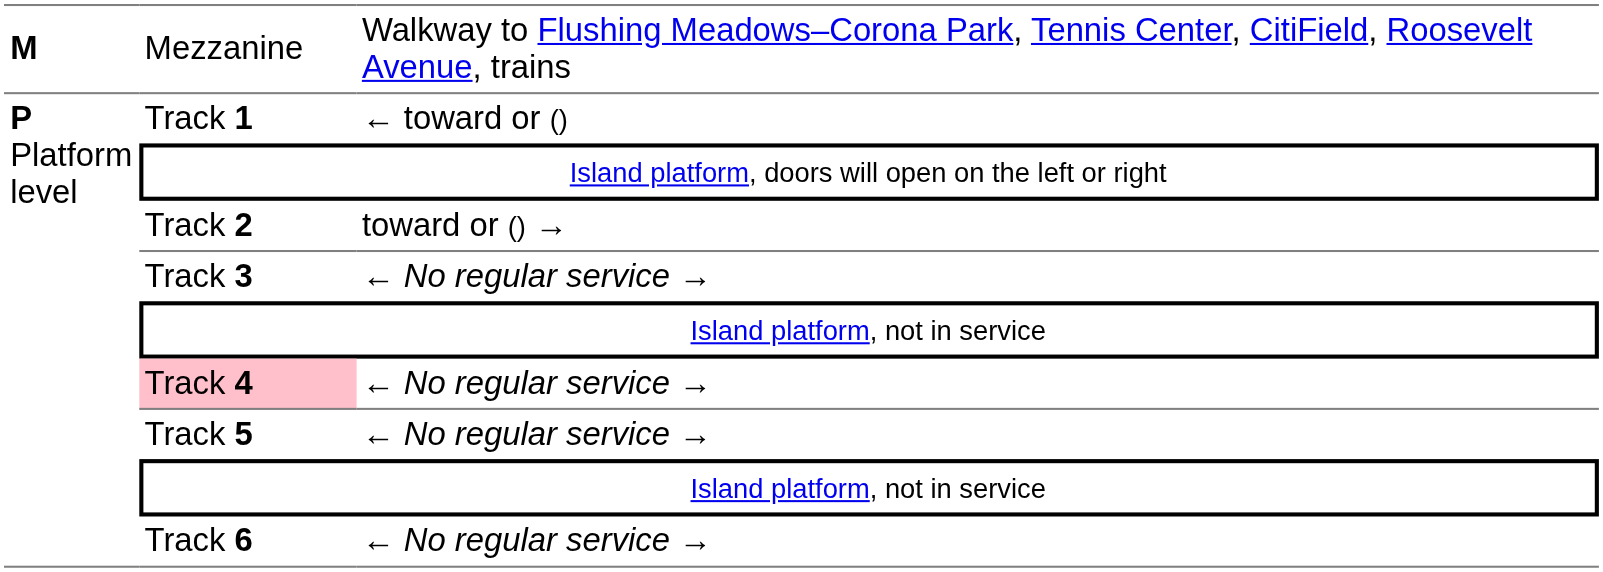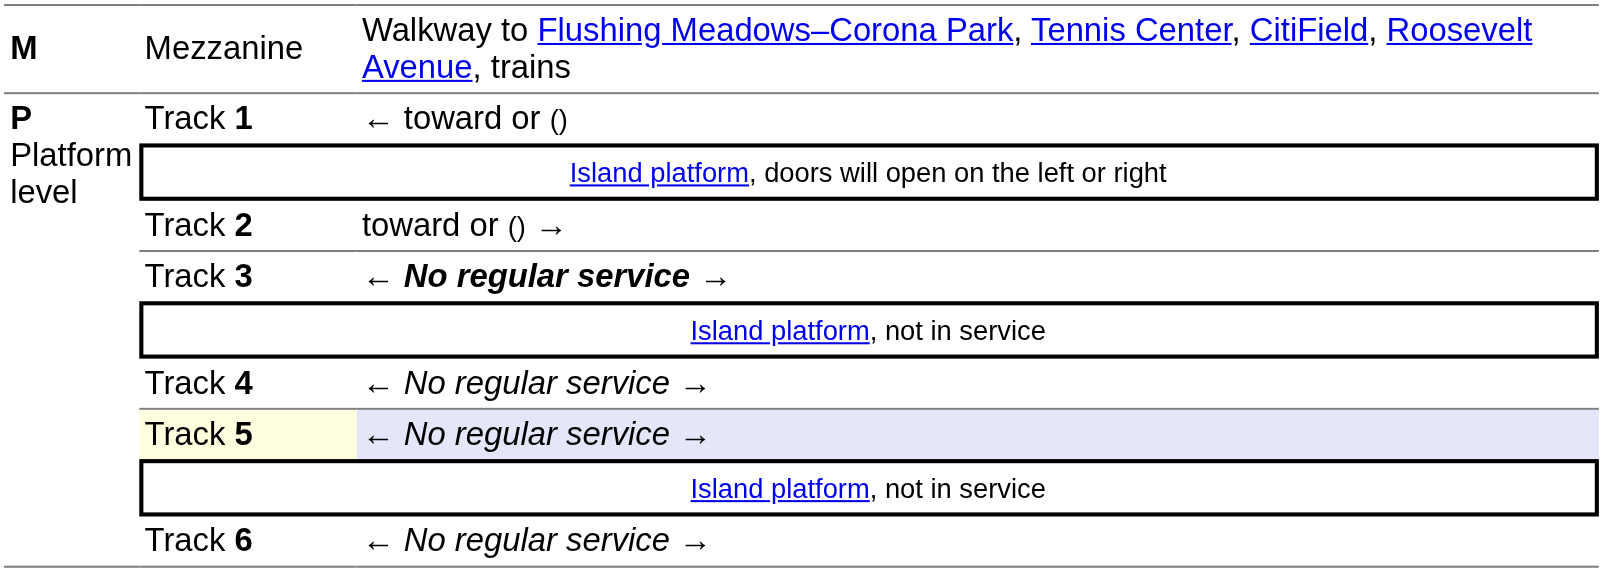 <table table border=0 cellspacing=0 cellpadding=3>
 <tr>
 <td style="border-top:solid 1px gray;" width=50><strong>M</strong></td>
 <td style="border-top:solid 1px gray;" width=100>Mezzanine</td>
 <td style="border-top:solid 1px gray;" width=600>Walkway to <a href='#'>Flushing Meadows–Corona Park</a>, <a href='#'>Tennis Center</a>, <a href='#'>CitiField</a>, <a href='#'>Roosevelt Avenue</a>,  trains</td>
 </tr>
 <tr>
 <td style="border-top:solid 1px gray;border-bottom:solid 1px gray;" rowspan=10 valign=top><strong>P</strong><br>Platform level</td>
 </tr>
 <tr>
 <td style="border-top:solid 1px gray">Track <strong>1</strong></td>
 <td style="border-top:solid 1px gray">←  toward  or  <small>()</small></td>
 </tr>
 <tr>
 <td style="border-top:solid 2px black;border-right:solid 2px black;border-left:solid 2px black;border-bottom:solid 2px black;text-align:center;" colspan=2><small><a href='#'>Island platform</a>, doors will open on the left or right</small></td>
 </tr>
 <tr>
 <td style="border-bottom:solid 1px gray;">Track <strong>2</strong></td>
 <td style="border-bottom:solid 1px gray;"> toward  or  <small>()</small> →</td>
 </tr>
 <tr>
 <td>Track <strong>3</strong></td>
-<td>← <em>No regular service</em> →</td>
+<td><strong>← <em>No regular service</em> →</strong></td>
 </tr>
 <tr>
 <td style="border-top:solid 2px black;border-right:solid 2px black;border-left:solid 2px black;border-bottom:solid 2px black;text-align:center;" colspan=2><small><a href='#'>Island platform</a>, not in service</small></td>
 </tr>
 <tr>
-<td style="background: pink; border-bottom:solid 1px gray;">Track <strong>4</strong></td>
+<td style="border-bottom:solid 1px gray;">Track <strong>4</strong></td>
 <td style="border-bottom:solid 1px gray;">← <em>No regular service</em> →</td>
 </tr>
 <tr>
-<td>Track <strong>5</strong></td>
-<td>← <em>No regular service</em> →</td>
+<td style="background: lightyellow;">Track <strong>5</strong></td>
+<td style="background: lavender;">← <em>No regular service</em> →</td>
 </tr>
 <tr>
 <td style="border-top:solid 2px black;border-right:solid 2px black;border-left:solid 2px black;border-bottom:solid 2px black;text-align:center;" colspan=2><small><a href='#'>Island platform</a>, not in service</small></td>
 </tr>
 <tr>
 <td style="border-bottom:solid 1px gray;">Track <strong>6</strong></td>
 <td style="border-bottom:solid 1px gray;">← <em>No regular service</em> →</td>
 </tr>
 </table>
